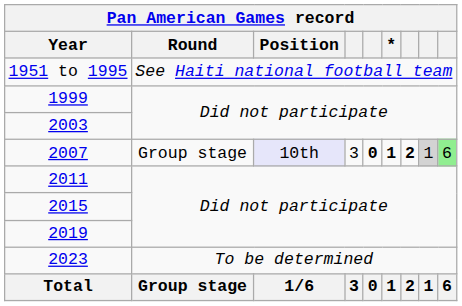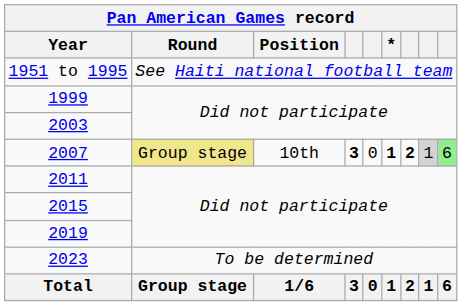 <table class="wikitable" style="text-align: center;">
 <tr>
 <th colspan=9><a href='#'>Pan American Games</a> record</th>
 </tr>
 <tr>
 <th>Year</th>
 <th>Round</th>
 <th>Position</th>
 <th></th>
 <th></th>
 <th>*</th>
 <th></th>
 <th></th>
 <th></th>
 </tr>
 <tr>
 <td><a href='#'>1951</a> to <a href='#'>1995</a></td>
 <td colspan=9><em>See <a href='#'>Haiti national football team</a></em></td>
 </tr>
 <tr>
 <td> <a href='#'>1999</a></td>
 <td rowspan=2 colspan=9><em>Did not participate</em></td>
 </tr>
 <tr>
 <td> <a href='#'>2003</a></td>
 </tr>
 <tr>
 <td> <a href='#'>2007</a></td>
-<td>Group stage</td>
-<td style="background: lavender;">10th</td>
-<td>3</td>
-<td><strong>0</strong></td>
+<td style="background: khaki;">Group stage</td>
+<td>10th</td>
+<td><strong>3</strong></td>
+<td>0</td>
 <td><strong>1</strong></td>
 <td><strong>2</strong></td>
 <td style="background: lightgrey;">1</td>
 <td style="background: lightgreen;">6</td>
 </tr>
 <tr>
 <td> <a href='#'>2011</a></td>
 <td rowspan=3 colspan=9><em>Did not participate</em></td>
 </tr>
 <tr>
 <td> <a href='#'>2015</a></td>
 </tr>
 <tr>
 <td> <a href='#'>2019</a></td>
 </tr>
 <tr>
 <td> <a href='#'>2023</a></td>
 <td colspan="8"><em>To be determined</em></td>
 </tr>
 <tr>
 <th><strong>Total</strong></th>
 <th><strong>Group stage</strong></th>
 <th>1/6</th>
 <th>3</th>
 <th>0</th>
 <th>1</th>
 <th>2</th>
 <th>1</th>
 <th>6</th>
 </tr>
 </table>
